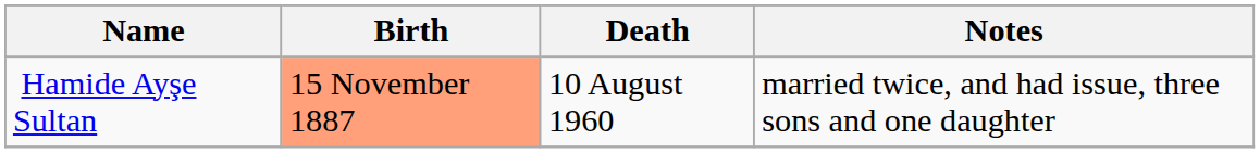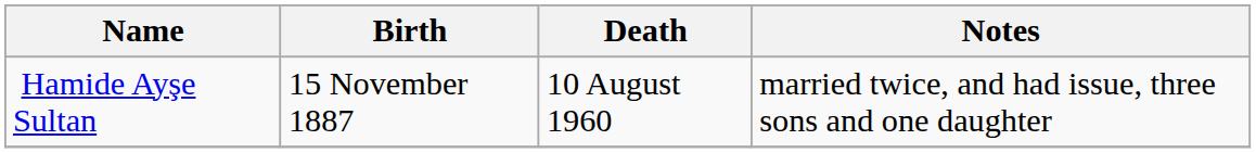 <table class="wikitable">
 <tr>
 <th>Name</th>
 <th>Birth</th>
 <th>Death</th>
 <th style="width:40%;">Notes</th>
 </tr>
 <tr>
 <td> <a href='#'>Hamide Ayşe Sultan</a></td>
-<td style="background: lightsalmon;">15 November 1887</td>
+<td>15 November 1887</td>
 <td>10 August 1960</td>
 <td>married twice, and had issue, three sons and one daughter</td>
 </tr>
 <tr>
 </tr>
 </table>
